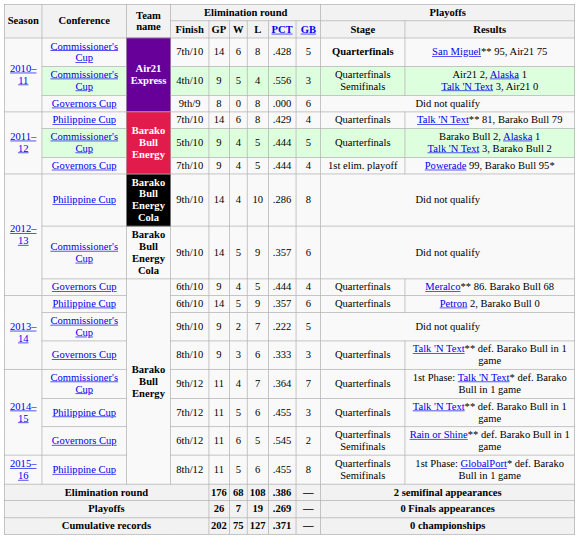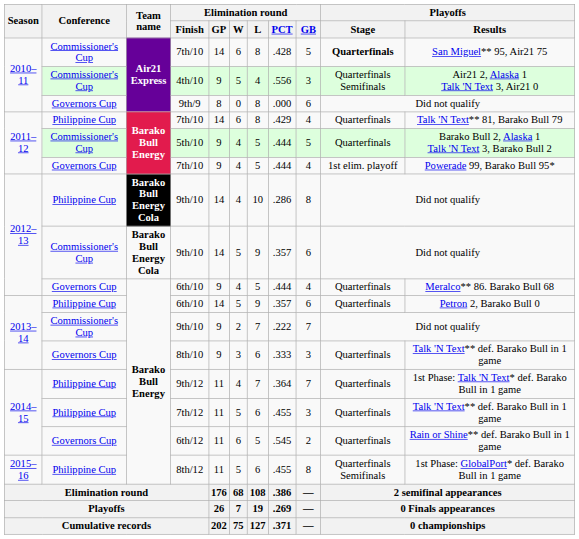 <table class=wikitable style="text-align:center;">
 <tr>
 <th width=50px rowspan=2>Season</th>
 <th width=120px rowspan=2>Conference</th>
 <th width=60px rowspan=2>Team name</th>
 <th colspan=6>Elimination round</th>
 <th colspan=2>Playoffs</th>
 </tr>
 <tr>
 <th width=50px>Finish</th>
 <th width=20px>GP</th>
 <th width=20px>W</th>
 <th width=20px>L</th>
 <th width=35px><a href='#'>PCT</a></th>
 <th width=30px><a href='#'>GB</a></th>
 <th width=120px>Stage</th>
 <th width=250px>Results</th>
 </tr>
 <tr>
 <td rowspan=3><a href='#'>2010–11</a></td>
 <td><a href='#'>Commissioner's Cup</a></td>
 <td rowspan=3 style="background:#660099; color:#FFFFFF; "><span><strong>Air21 Express</strong></span></td>
 <td>7th/10</td>
 <td>14</td>
 <td>6</td>
 <td>8</td>
 <td>.428</td>
 <td>5</td>
 <td><strong>Quarterfinals</strong></td>
 <td><a href='#'>San Miguel</a>** 95, Air21 75</td>
 </tr>
 <tr bgcolor=#DDFFDD>
 <td><a href='#'>Commissioner's Cup</a></td>
 <td>4th/10</td>
 <td>9</td>
 <td>5</td>
 <td>4</td>
 <td>.556</td>
 <td>3</td>
 <td>Quarterfinals<br>Semifinals</td>
 <td>Air21 2, <a href='#'>Alaska</a> 1<br><a href='#'>Talk 'N Text</a> 3, Air21 0</td>
 </tr>
 <tr>
 <td><a href='#'>Governors Cup</a></td>
 <td>9th/9</td>
 <td>8</td>
 <td>0</td>
 <td>8</td>
 <td>.000</td>
 <td>6</td>
 <td colspan=2>Did not qualify</td>
 </tr>
 <tr>
 <td rowspan=3><a href='#'>2011–12</a></td>
 <td><a href='#'>Philippine Cup</a></td>
 <td rowspan=3 style="background:#E21B4D; color:#FFFFFF; "><span><strong>Barako Bull Energy</strong></span></td>
 <td>7th/10</td>
 <td>14</td>
 <td>6</td>
 <td>8</td>
 <td>.429</td>
 <td>4</td>
 <td>Quarterfinals</td>
 <td><a href='#'>Talk 'N Text</a>** 81, Barako Bull 79</td>
 </tr>
 <tr bgcolor=#DDFFDD>
 <td><a href='#'>Commissioner's Cup</a></td>
 <td>5th/10</td>
 <td>9</td>
 <td>4</td>
 <td>5</td>
 <td>.444</td>
 <td>5</td>
 <td>Quarterfinals</td>
 <td>Barako Bull 2, <a href='#'>Alaska</a> 1<br><a href='#'>Talk 'N Text</a> 3, Barako Bull 2</td>
 </tr>
 <tr>
 <td><a href='#'>Governors Cup</a></td>
 <td>7th/10</td>
 <td>9</td>
 <td>4</td>
 <td>5</td>
 <td>.444</td>
 <td>4</td>
 <td>1st elim. playoff</td>
 <td><a href='#'>Powerade</a> 99, Barako Bull 95*</td>
 </tr>
 <tr>
 <td rowspan=3><a href='#'>2012–13</a></td>
 <td><a href='#'>Philippine Cup</a></td>
 <td style="background:#000000; color:#FFFFFF; "><span><strong>Barako Bull Energy Cola</strong></span></td>
 <td>9th/10</td>
 <td>14</td>
 <td>4</td>
 <td>10</td>
 <td>.286</td>
 <td>8</td>
 <td colspan=2>Did not qualify</td>
 </tr>
 <tr>
 <td><a href='#'>Commissioner's Cup</a></td>
 <td><strong>Barako Bull Energy Cola</strong></td>
 <td>9th/10</td>
 <td>14</td>
 <td>5</td>
 <td>9</td>
 <td>.357</td>
 <td>6</td>
 <td colspan=2>Did not qualify</td>
 </tr>
 <tr>
 <td><a href='#'>Governors Cup</a></td>
 <td rowspan=8><strong>Barako Bull Energy</strong></td>
 <td>6th/10</td>
 <td>9</td>
 <td>4</td>
 <td>5</td>
 <td>.444</td>
 <td>4</td>
 <td>Quarterfinals</td>
 <td><a href='#'>Meralco</a>** 86. Barako Bull 68</td>
 </tr>
 <tr>
 <td rowspan=3><a href='#'>2013–14</a></td>
 <td><a href='#'>Philippine Cup</a></td>
 <td>6th/10</td>
 <td>14</td>
 <td>5</td>
 <td>9</td>
 <td>.357</td>
 <td>6</td>
 <td>Quarterfinals</td>
 <td><a href='#'>Petron</a> 2, Barako Bull 0</td>
 </tr>
 <tr>
 <td><a href='#'>Commissioner's Cup</a></td>
 <td>9th/10</td>
 <td>9</td>
 <td>2</td>
 <td>7</td>
 <td>.222</td>
-<td>5</td>
+<td>7</td>
 <td colspan=2>Did not qualify</td>
 </tr>
 <tr>
 <td><a href='#'>Governors Cup</a></td>
 <td>8th/10</td>
 <td>9</td>
 <td>3</td>
 <td>6</td>
 <td>.333</td>
 <td>3</td>
 <td>Quarterfinals</td>
 <td><a href='#'>Talk 'N Text</a>** def. Barako Bull in 1 game</td>
 </tr>
 <tr>
 <td rowspan=3><a href='#'>2014–15</a></td>
-<td><a href='#'>Commissioner's Cup</a></td>
+<td><a href='#'>Philippine Cup</a></td>
 <td>9th/12</td>
 <td>11</td>
 <td>4</td>
 <td>7</td>
 <td>.364</td>
 <td>7</td>
 <td>Quarterfinals</td>
 <td>1st Phase: <a href='#'>Talk 'N Text</a>* def. Barako Bull in 1 game</td>
 </tr>
 <tr>
 <td><a href='#'>Philippine Cup</a></td>
 <td>7th/12</td>
 <td>11</td>
 <td>5</td>
 <td>6</td>
 <td>.455</td>
 <td>3</td>
 <td>Quarterfinals</td>
 <td><a href='#'>Talk 'N Text</a>** def. Barako Bull in 1 game</td>
 </tr>
 <tr>
 <td><a href='#'>Governors Cup</a></td>
 <td>6th/12</td>
 <td>11</td>
 <td>6</td>
 <td>5</td>
 <td>.545</td>
 <td>2</td>
-<td>Quarterfinals<br>Semifinals</td>
+<td>Quarterfinals</td>
 <td><a href='#'>Rain or Shine</a>** def. Barako Bull in 1 game</td>
 </tr>
 <tr>
 <td><a href='#'>2015–16</a></td>
 <td><a href='#'>Philippine Cup</a></td>
 <td>8th/12</td>
 <td>11</td>
 <td>5</td>
 <td>6</td>
 <td>.455</td>
 <td>8</td>
 <td>Quarterfinals<br>Semifinals</td>
 <td>1st Phase: <a href='#'>GlobalPort</a>* def. Barako Bull in 1 game</td>
 </tr>
 <tr>
 <th colspan=4>Elimination round</th>
 <th>176</th>
 <th>68</th>
 <th>108</th>
 <th>.386</th>
 <th>—</th>
 <th colspan=2>2 semifinal appearances</th>
 </tr>
 <tr>
 <th colspan=4>Playoffs</th>
 <th>26</th>
 <th>7</th>
 <th>19</th>
 <th>.269</th>
 <th>—</th>
 <th colspan=2>0 Finals appearances</th>
 </tr>
 <tr>
 <th colspan=4>Cumulative records</th>
 <th>202</th>
 <th>75</th>
 <th>127</th>
 <th>.371</th>
 <th>—</th>
 <th colspan=2>0 championships</th>
 </tr>
 </table>
